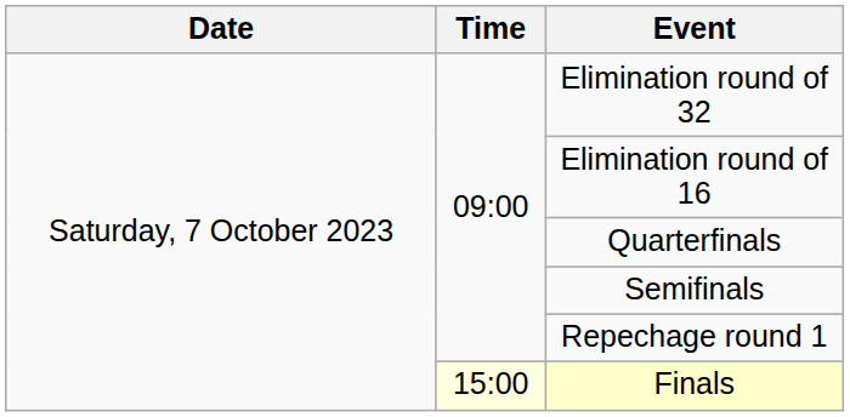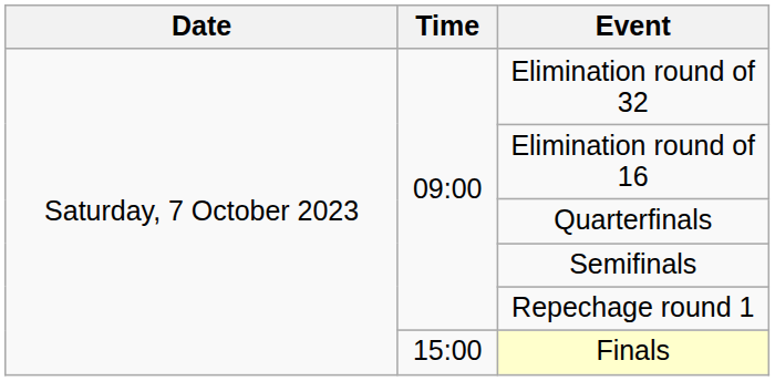 <table class = "wikitable" style="text-align:center;">
 <tr>
 <th width=220>Date</th>
 <th width=50>Time</th>
 <th width=150>Event</th>
 </tr>
 <tr>
 <td rowspan=6>Saturday, 7 October 2023</td>
 <td rowspan=5>09:00</td>
 <td>Elimination round of 32</td>
 </tr>
 <tr>
 <td>Elimination round of 16</td>
 </tr>
 <tr>
 <td>Quarterfinals</td>
 </tr>
 <tr>
 <td>Semifinals</td>
 </tr>
 <tr>
 <td>Repechage round 1</td>
 </tr>
 <tr>
-<td style="background: lightyellow;">15:00</td>
+<td>15:00</td>
 <td bgcolor=ffffcc>Finals</td>
 </tr>
 </table>
